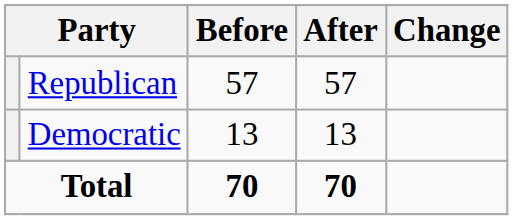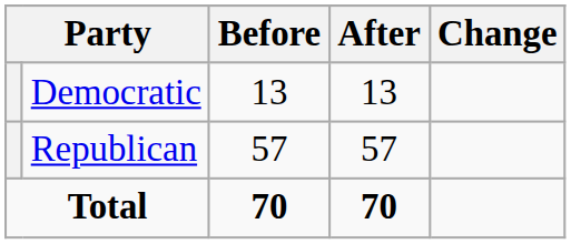 <table class="wikitable" style="text-align:center;">
 <tr>
 </tr>
 <tr>
 <th colspan=2>Party</th>
 <th>Before</th>
 <th>After</th>
 <th>Change</th>
 </tr>
 <tr>
 <th style="background-color:"></th>
-<td style="text-align:left;"><a href='#'>Republican</a></td>
-<td>57</td>
-<td>57</td>
+<td style="text-align:left;"><a href='#'>Democratic</a></td>
+<td>13</td>
+<td>13</td>
 <td></td>
 </tr>
 <tr>
 <th style="background-color:"></th>
-<td style="text-align:left;"><a href='#'>Democratic</a></td>
-<td>13</td>
-<td>13</td>
+<td style="text-align:left;"><a href='#'>Republican</a></td>
+<td>57</td>
+<td>57</td>
 <td></td>
 </tr>
 <tr>
 <td colspan=2><strong>Total</strong></td>
 <td><strong>70</strong></td>
 <td><strong>70</strong></td>
 <td></td>
 </tr>
 </table>
